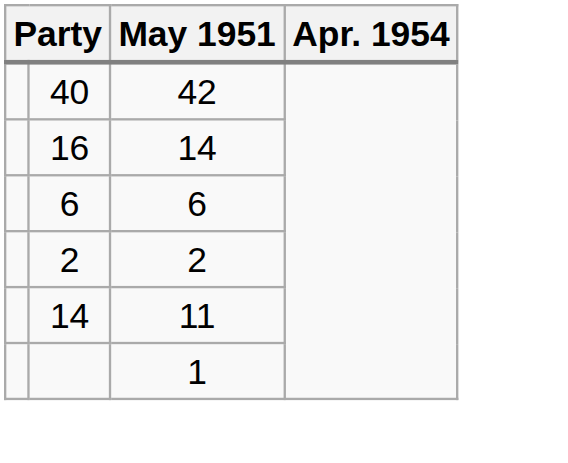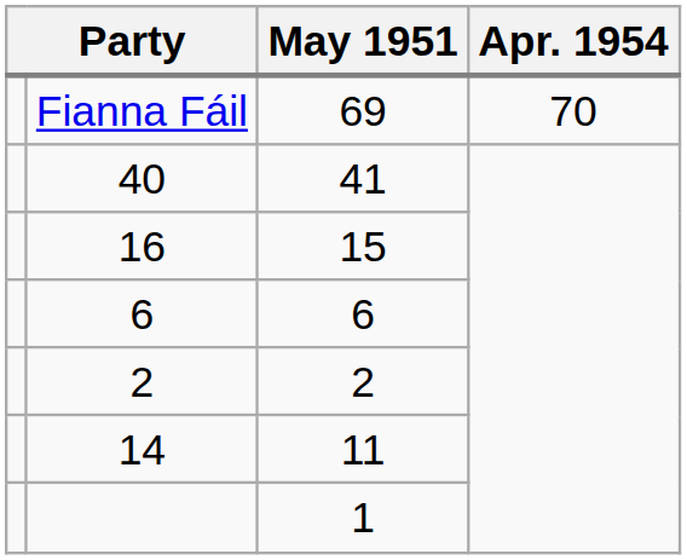 <table class="wikitable" style="font-size: 95%;">
 <tr style="background-color:#E9E9E9; border-bottom: 2px solid gray;">
 <th colspan=2>Party</th>
 <th>May 1951</th>
 <th>Apr. 1954</th>
 </tr>
 <tr>
+<td style="background-color: "></td>
+<td><a href='#'>Fianna Fáil</a></td>
+<td align="center">69</td>
+<td align="center">70</td>
+</tr>
+<tr>
 <td></td>
 <td align="center">40</td>
-<td align="center">42</td>
+<td align="center">41</td>
 </tr>
 <tr>
 <td></td>
 <td align="center">16</td>
-<td align="center">14</td>
+<td align="center">15</td>
 </tr>
 <tr>
 <td></td>
 <td align="center">6</td>
 <td align="center">6</td>
 </tr>
 <tr>
 <td></td>
 <td align="center">2</td>
 <td align="center">2</td>
 </tr>
 <tr>
 <td></td>
 <td align="center">14</td>
 <td align="center">11</td>
 </tr>
 <tr>
 <td></td>
 <td></td>
 <td align="center">1</td>
 </tr>
 </table>
